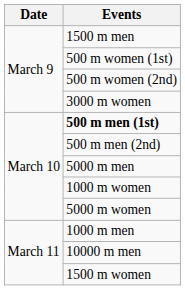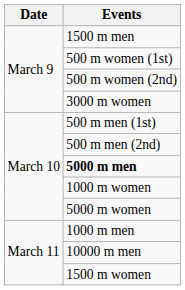 <table class="wikitable" border="1">
 <tr>
 <th>Date</th>
 <th>Events</th>
 </tr>
 <tr>
 <td rowspan=4>March 9</td>
 <td>1500 m men</td>
 </tr>
 <tr>
 <td>500 m women (1st)</td>
 </tr>
 <tr>
 <td>500 m women (2nd)</td>
 </tr>
 <tr>
 <td>3000 m women</td>
 </tr>
 <tr>
 <td rowspan=5>March 10</td>
-<td><strong>500 m men (1st)</strong></td>
+<td>500 m men (1st)</td>
 </tr>
 <tr>
 <td>500 m men (2nd)</td>
 </tr>
 <tr>
-<td>5000 m men</td>
+<td><strong>5000 m men</strong></td>
 </tr>
 <tr>
 <td>1000 m women</td>
 </tr>
 <tr>
 <td>5000 m women</td>
 </tr>
 <tr>
 <td rowspan=3>March 11</td>
 <td>1000 m men</td>
 </tr>
 <tr>
 <td>10000 m men</td>
 </tr>
 <tr>
 <td>1500 m women</td>
 </tr>
 </table>
